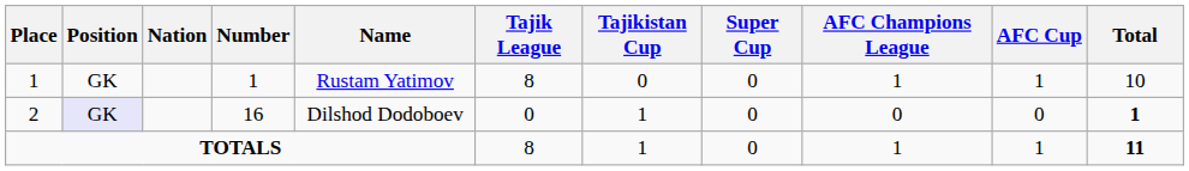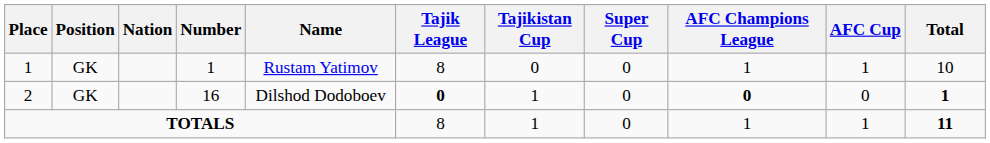 <table class="wikitable" style="font-size: 95%; text-align: center;">
 <tr>
 <th width=20>Place</th>
 <th width=20>Position</th>
 <th width=20>Nation</th>
 <th width=20>Number</th>
 <th width=200>Name</th>
 <th width=100><a href='#'>Tajik League</a></th>
 <th width=100><a href='#'>Tajikistan Cup</a></th>
 <th width=100><a href='#'>Super Cup</a></th>
 <th width=200><a href='#'>AFC Champions League</a></th>
 <th width=100><a href='#'>AFC Cup</a></th>
 <th width=100><strong>Total</strong></th>
 </tr>
 <tr>
 <td>1</td>
 <td>GK</td>
 <td></td>
 <td>1</td>
 <td><a href='#'>Rustam Yatimov</a></td>
 <td>8</td>
 <td>0</td>
 <td>0</td>
 <td>1</td>
 <td>1</td>
 <td>10</td>
 </tr>
 <tr>
 <td>2</td>
-<td style="background: lavender;">GK</td>
+<td>GK</td>
 <td></td>
 <td>16</td>
 <td>Dilshod Dodoboev</td>
-<td>0</td>
+<td><strong>0</strong></td>
 <td>1</td>
 <td>0</td>
-<td>0</td>
+<td><strong>0</strong></td>
 <td>0</td>
 <td><strong>1</strong></td>
 </tr>
 <tr>
 <td colspan="5"><strong>TOTALS</strong></td>
 <td>8</td>
 <td>1</td>
 <td>0</td>
 <td>1</td>
 <td>1</td>
 <td><strong>11</strong></td>
 </tr>
 </table>
